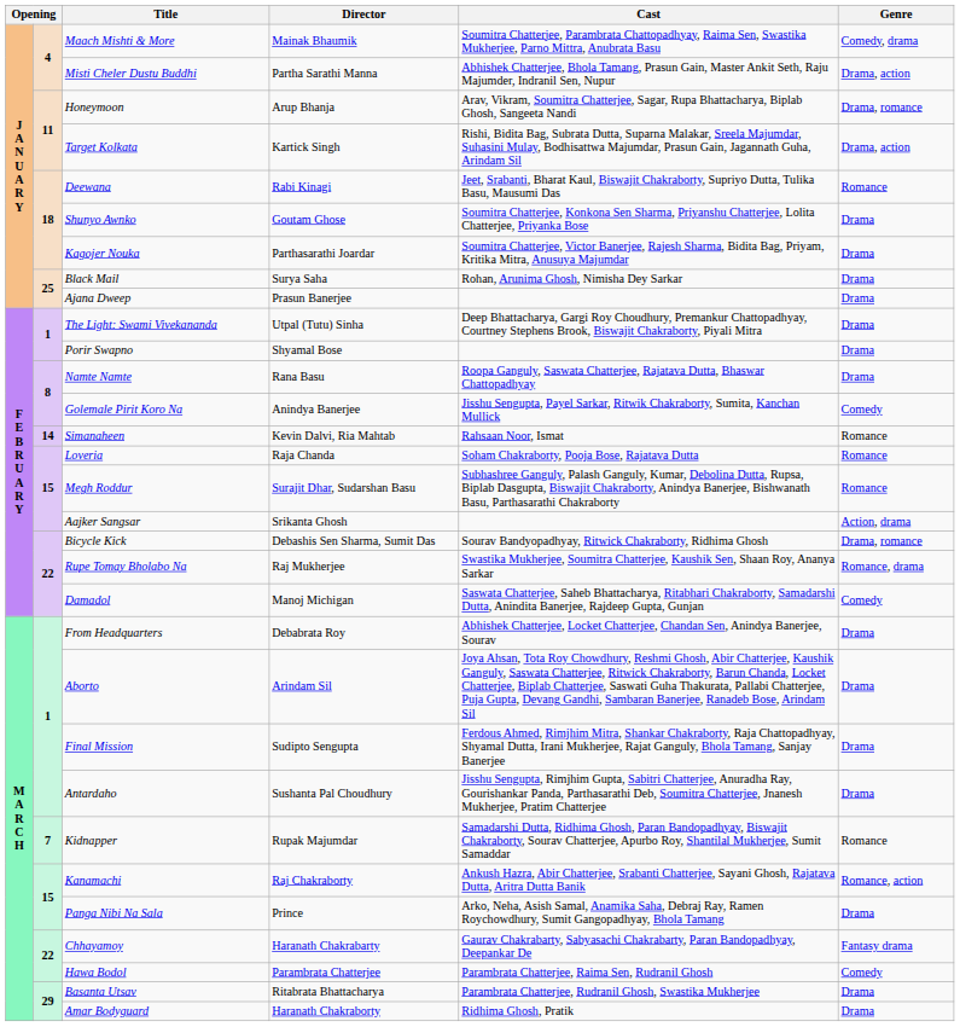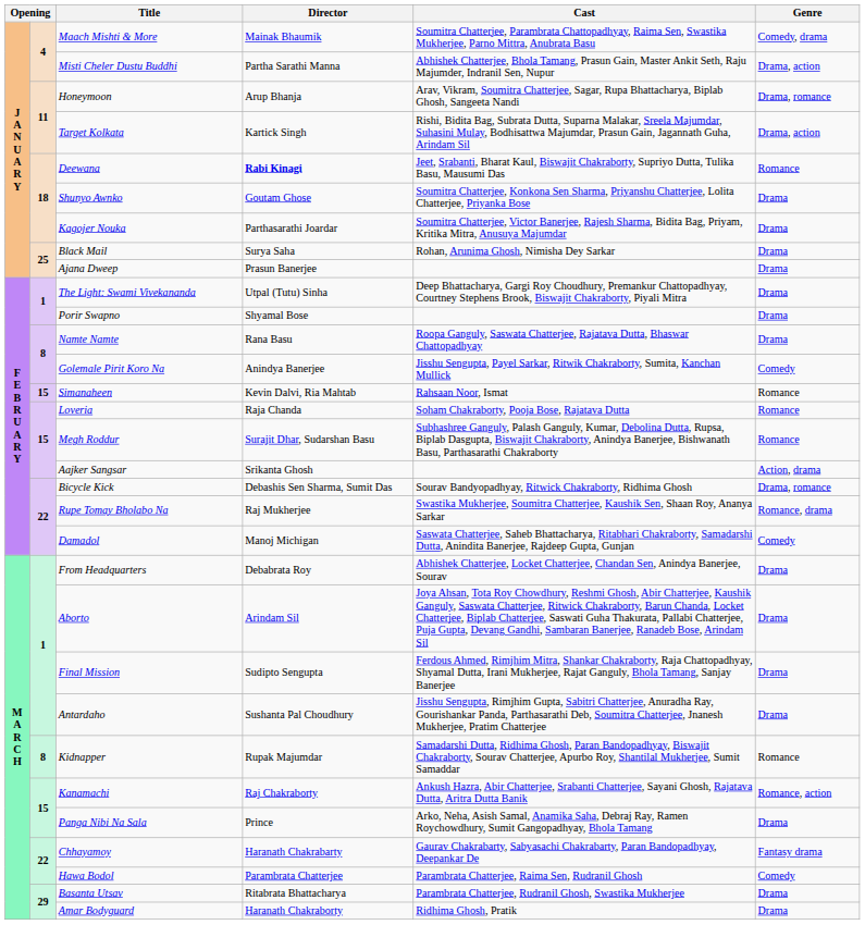 <table class="wikitable sortable">
 <tr>
 <th colspan="2" style="width:6%;">Opening</th>
 <th>Title</th>
 <th style="width:20%;">Director</th>
 <th style="width:40%;">Cast</th>
 <th>Genre</th>
 </tr>
 <tr>
 <td rowspan="9" style="text-align:center; background:#f7bf87; textcolor:#000;"><strong>J<br>A<br>N<br>U<br>A<br>R<br>Y</strong></td>
 <td rowspan="2" style="text-align:center; background:#f7dfc7; textcolor:#000;"><strong>4</strong></td>
 <td><em><a href='#'>Maach Mishti & More</a></em></td>
 <td><a href='#'>Mainak Bhaumik</a></td>
 <td><a href='#'>Soumitra Chatterjee</a>, <a href='#'>Parambrata Chattopadhyay</a>, <a href='#'>Raima Sen</a>, <a href='#'>Swastika Mukherjee</a>, <a href='#'>Parno Mittra</a>, <a href='#'>Anubrata Basu</a></td>
 <td><a href='#'>Comedy</a>, <a href='#'>drama</a></td>
 </tr>
 <tr>
 <td><em><a href='#'>Misti Cheler Dustu Buddhi</a></em></td>
 <td>Partha Sarathi Manna</td>
 <td><a href='#'>Abhishek Chatterjee</a>, <a href='#'>Bhola Tamang</a>, Prasun Gain, Master Ankit Seth, Raju Majumder, Indranil Sen, Nupur</td>
 <td><a href='#'>Drama</a>, <a href='#'>action</a></td>
 </tr>
 <tr>
 <td rowspan="2" style="text-align:center; background:#f7dfc7; textcolor:#000;"><strong>11</strong></td>
 <td><em>Honeymoon</em></td>
 <td>Arup Bhanja</td>
 <td>Arav, Vikram, <a href='#'>Soumitra Chatterjee</a>, Sagar, Rupa Bhattacharya, Biplab Ghosh, Sangeeta Nandi</td>
 <td><a href='#'>Drama</a>, <a href='#'>romance</a></td>
 </tr>
 <tr>
 <td><em><a href='#'>Target Kolkata</a></em></td>
 <td>Kartick Singh</td>
 <td>Rishi, Bidita Bag, Subrata Dutta, Suparna Malakar, <a href='#'>Sreela Majumdar</a>, <a href='#'>Suhasini Mulay</a>, Bodhisattwa Majumdar, Prasun Gain, Jagannath Guha, <a href='#'>Arindam Sil</a></td>
 <td><a href='#'>Drama</a>, <a href='#'>action</a></td>
 </tr>
 <tr>
 <td rowspan="3" style="text-align:center; background:#f7dfc7; textcolor:#000;"><strong>18</strong></td>
 <td><em><a href='#'>Deewana</a></em></td>
-<td><a href='#'>Rabi Kinagi</a></td>
+<td><strong><a href='#'>Rabi Kinagi</a></strong></td>
 <td><a href='#'>Jeet</a>, <a href='#'>Srabanti</a>, Bharat Kaul, <a href='#'>Biswajit Chakraborty</a>, Supriyo Dutta, Tulika Basu, Mausumi Das</td>
 <td><a href='#'>Romance</a></td>
 </tr>
 <tr>
 <td><em><a href='#'>Shunyo Awnko</a></em></td>
 <td><a href='#'>Goutam Ghose</a></td>
 <td><a href='#'>Soumitra Chatterjee</a>, <a href='#'>Konkona Sen Sharma</a>, <a href='#'>Priyanshu Chatterjee</a>, Lolita Chatterjee, <a href='#'>Priyanka Bose</a></td>
 <td><a href='#'>Drama</a></td>
 </tr>
 <tr>
 <td><em><a href='#'>Kagojer Nouka</a></em></td>
 <td>Parthasarathi Joardar</td>
 <td><a href='#'>Soumitra Chatterjee</a>, <a href='#'>Victor Banerjee</a>, <a href='#'>Rajesh Sharma</a>, Bidita Bag, Priyam, Kritika Mitra, <a href='#'>Anusuya Majumdar</a></td>
 <td><a href='#'>Drama</a></td>
 </tr>
 <tr>
 <td rowspan="2" style="text-align:center; background:#f7dfc7; textcolor:#000;"><strong>25</strong></td>
 <td><em>Black Mail</em></td>
 <td>Surya Saha</td>
 <td>Rohan, <a href='#'>Arunima Ghosh</a>, Nimisha Dey Sarkar</td>
 <td><a href='#'>Drama</a></td>
 </tr>
 <tr>
 <td><em>Ajana Dweep</em></td>
 <td>Prasun Banerjee</td>
 <td></td>
 <td><a href='#'>Drama</a></td>
 </tr>
 <tr>
 <td rowspan="11" style="text-align:center; background:#bf87f7; textcolor:#000;"><strong>F<br>E<br>B<br>R<br>U<br>A<br>R<br>Y</strong></td>
 <td rowspan="2" style="text-align:center; background:#dfc7f7; textcolor:#000;"><strong>1</strong></td>
 <td><em><a href='#'>The Light: Swami Vivekananda</a></em></td>
 <td>Utpal (Tutu) Sinha</td>
 <td>Deep Bhattacharya, Gargi Roy Choudhury, Premankur Chattopadhyay, Courtney Stephens Brook, <a href='#'>Biswajit Chakraborty</a>, Piyali Mitra</td>
 <td><a href='#'>Drama</a></td>
 </tr>
 <tr>
 <td><em>Porir Swapno</em></td>
 <td>Shyamal Bose</td>
 <td></td>
 <td><a href='#'>Drama</a></td>
 </tr>
 <tr>
 <td rowspan="2" style="text-align:center; background:#dfc7f7; textcolor:#000;"><strong>8</strong></td>
 <td><em><a href='#'>Namte Namte</a></em></td>
 <td>Rana Basu</td>
 <td><a href='#'>Roopa Ganguly</a>, <a href='#'>Saswata Chatterjee</a>, <a href='#'>Rajatava Dutta</a>, <a href='#'>Bhaswar Chattopadhyay</a></td>
 <td><a href='#'>Drama</a></td>
 </tr>
 <tr>
 <td><em><a href='#'>Golemale Pirit Koro Na</a></em></td>
 <td>Anindya Banerjee</td>
 <td><a href='#'>Jisshu Sengupta</a>, <a href='#'>Payel Sarkar</a>, <a href='#'>Ritwik Chakraborty</a>, Sumita, <a href='#'>Kanchan Mullick</a></td>
 <td><a href='#'>Comedy</a></td>
 </tr>
 <tr>
-<td style="text-align:center; background:#dfc7f7; textcolor:#000;"><strong>14</strong></td>
+<td style="text-align:center; background:#dfc7f7; textcolor:#000;"><strong>15</strong></td>
 <td><em><a href='#'>Simanaheen</a></em></td>
 <td>Kevin Dalvi, Ria Mahtab</td>
 <td><a href='#'>Rahsaan Noor</a>, Ismat</td>
 <td>Romance</td>
 </tr>
 <tr>
 <td rowspan="3" style="text-align:center; background:#dfc7f7; textcolor:#000;"><strong>15</strong></td>
 <td><em><a href='#'>Loveria</a></em></td>
 <td>Raja Chanda</td>
 <td><a href='#'>Soham Chakraborty</a>, <a href='#'>Pooja Bose</a>, <a href='#'>Rajatava Dutta</a></td>
 <td><a href='#'>Romance</a></td>
 </tr>
 <tr>
 <td><em><a href='#'>Megh Roddur</a></em></td>
 <td><a href='#'>Surajit Dhar</a>, Sudarshan Basu</td>
 <td><a href='#'>Subhashree Ganguly</a>, Palash Ganguly, Kumar, <a href='#'>Debolina Dutta</a>, Rupsa, Biplab Dasgupta, <a href='#'>Biswajit Chakraborty</a>, Anindya Banerjee, Bishwanath Basu, Parthasarathi Chakraborty</td>
 <td><a href='#'>Romance</a></td>
 </tr>
 <tr>
 <td><em>Aajker Sangsar</em></td>
 <td>Srikanta Ghosh</td>
 <td></td>
 <td><a href='#'>Action</a>, <a href='#'>drama</a></td>
 </tr>
 <tr>
 <td rowspan="3" style="text-align:center; background:#dfc7f7; textcolor:#000;"><strong>22</strong></td>
 <td><em>Bicycle Kick</em></td>
 <td>Debashis Sen Sharma, Sumit Das</td>
 <td>Sourav Bandyopadhyay, <a href='#'>Ritwick Chakraborty</a>, Ridhima Ghosh</td>
 <td><a href='#'>Drama</a>, <a href='#'>romance</a></td>
 </tr>
 <tr>
 <td><em><a href='#'>Rupe Tomay Bholabo Na</a></em></td>
 <td>Raj Mukherjee</td>
 <td><a href='#'>Swastika Mukherjee</a>, <a href='#'>Soumitra Chatterjee</a>, <a href='#'>Kaushik Sen</a>, Shaan Roy, Ananya Sarkar</td>
 <td><a href='#'>Romance</a>, <a href='#'>drama</a></td>
 </tr>
 <tr>
 <td><em><a href='#'>Damadol</a></em></td>
 <td>Manoj Michigan</td>
 <td><a href='#'>Saswata Chatterjee</a>, Saheb Bhattacharya, <a href='#'>Ritabhari Chakraborty</a>, <a href='#'>Samadarshi Dutta</a>, Anindita Banerjee, Rajdeep Gupta, Gunjan</td>
 <td><a href='#'>Comedy</a></td>
 </tr>
 <tr>
 <td rowspan="11" style="text-align:center; background:#87f7bf; textcolor:#000;"><strong>M<br>A<br>R<br>C<br>H</strong></td>
 <td rowspan="4" style="text-align:center; background:#c7f7df; textcolor:#000;"><strong>1</strong></td>
 <td><em>From Headquarters</em></td>
 <td>Debabrata Roy</td>
 <td><a href='#'>Abhishek Chatterjee</a>, <a href='#'>Locket Chatterjee</a>, <a href='#'>Chandan Sen</a>, Anindya Banerjee, Sourav</td>
 <td><a href='#'>Drama</a></td>
 </tr>
 <tr>
 <td><em><a href='#'>Aborto</a></em></td>
 <td><a href='#'>Arindam Sil</a></td>
 <td><a href='#'>Joya Ahsan</a>, <a href='#'>Tota Roy Chowdhury</a>, <a href='#'>Reshmi Ghosh</a>, <a href='#'>Abir Chatterjee</a>, <a href='#'>Kaushik Ganguly</a>, <a href='#'>Saswata Chatterjee</a>, <a href='#'>Ritwick Chakraborty</a>, <a href='#'>Barun Chanda</a>, <a href='#'>Locket Chatterjee</a>, <a href='#'>Biplab Chatterjee</a>, Saswati Guha Thakurata, Pallabi Chatterjee, <a href='#'>Puja Gupta</a>, <a href='#'>Devang Gandhi</a>, <a href='#'>Sambaran Banerjee</a>, <a href='#'>Ranadeb Bose</a>, <a href='#'>Arindam Sil</a></td>
 <td><a href='#'>Drama</a></td>
 </tr>
 <tr>
 <td><em><a href='#'>Final Mission</a></em></td>
 <td>Sudipto Sengupta</td>
 <td><a href='#'>Ferdous Ahmed</a>, <a href='#'>Rimjhim Mitra</a>, <a href='#'>Shankar Chakraborty</a>, Raja Chattopadhyay, Shyamal Dutta, Irani Mukherjee, Rajat Ganguly, <a href='#'>Bhola Tamang</a>, Sanjay Banerjee</td>
 <td><a href='#'>Drama</a></td>
 </tr>
 <tr>
 <td><em>Antardaho</em></td>
 <td>Sushanta Pal Choudhury</td>
 <td><a href='#'>Jisshu Sengupta</a>, Rimjhim Gupta, <a href='#'>Sabitri Chatterjee</a>, Anuradha Ray, Gourishankar Panda, Parthasarathi Deb, <a href='#'>Soumitra Chatterjee</a>, Jnanesh Mukherjee, Pratim Chatterjee</td>
 <td><a href='#'>Drama</a></td>
 </tr>
 <tr>
-<td style="text-align:center; background:#c7f7df; textcolor:#000;"><strong>7</strong></td>
+<td style="text-align:center; background:#c7f7df; textcolor:#000;"><strong>8</strong></td>
 <td><em>Kidnapper</em></td>
 <td>Rupak Majumdar</td>
 <td><a href='#'>Samadarshi Dutta</a>, <a href='#'>Ridhima Ghosh</a>, <a href='#'>Paran Bandopadhyay</a>, <a href='#'>Biswajit Chakraborty</a>, Sourav Chatterjee, Apurbo Roy, <a href='#'>Shantilal Mukherjee</a>, Sumit Samaddar</td>
 <td>Romance</td>
 </tr>
 <tr>
 <td rowspan="2" style="text-align:center; background:#c7f7df; textcolor:#000;"><strong>15</strong></td>
 <td><em><a href='#'>Kanamachi</a></em></td>
 <td><a href='#'>Raj Chakraborty</a></td>
 <td><a href='#'>Ankush Hazra</a>, <a href='#'>Abir Chatterjee</a>, <a href='#'>Srabanti Chatterjee</a>, Sayani Ghosh, <a href='#'>Rajatava Dutta</a>, <a href='#'>Aritra Dutta Banik</a></td>
 <td><a href='#'>Romance</a>, <a href='#'>action</a></td>
 </tr>
 <tr>
 <td><em><a href='#'>Panga Nibi Na Sala</a></em></td>
 <td>Prince</td>
 <td>Arko, Neha, Asish Samal, <a href='#'>Anamika Saha</a>, Debraj Ray, Ramen Roychowdhury, Sumit Gangopadhyay, <a href='#'>Bhola Tamang</a></td>
 <td><a href='#'>Drama</a></td>
 </tr>
 <tr>
 <td rowspan="2" style="text-align:center; background:#c7f7df; textcolor:#000;"><strong>22</strong></td>
 <td><em><a href='#'>Chhayamoy</a></em></td>
 <td><a href='#'>Haranath Chakrabarty</a></td>
 <td><a href='#'>Gaurav Chakrabarty</a>, <a href='#'>Sabyasachi Chakrabarty</a>, <a href='#'>Paran Bandopadhyay</a>, <a href='#'>Deepankar De</a></td>
 <td><a href='#'>Fantasy drama</a></td>
 </tr>
 <tr>
 <td><em><a href='#'>Hawa Bodol</a></em></td>
 <td><a href='#'>Parambrata Chatterjee</a></td>
 <td><a href='#'>Parambrata Chatterjee</a>, <a href='#'>Raima Sen</a>, <a href='#'>Rudranil Ghosh</a></td>
 <td><a href='#'>Comedy</a></td>
 </tr>
 <tr>
 <td rowspan="2" style="text-align:center; background:#c7f7df; textcolor:#000;"><strong>29</strong></td>
 <td><em><a href='#'>Basanta Utsav</a></em></td>
 <td>Ritabrata Bhattacharya</td>
 <td><a href='#'>Parambrata Chatterjee</a>, <a href='#'>Rudranil Ghosh</a>, <a href='#'>Swastika Mukherjee</a></td>
 <td><a href='#'>Drama</a></td>
 </tr>
 <tr>
 <td><em><a href='#'>Amar Bodyguard</a></em></td>
 <td><a href='#'>Haranath Chakraborty</a></td>
 <td><a href='#'>Ridhima Ghosh</a>, Pratik</td>
 <td><a href='#'>Drama</a></td>
 </tr>
 </table>
